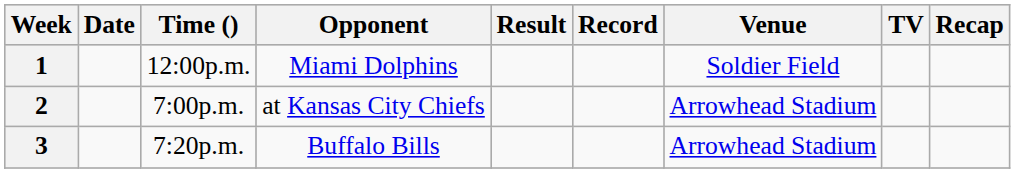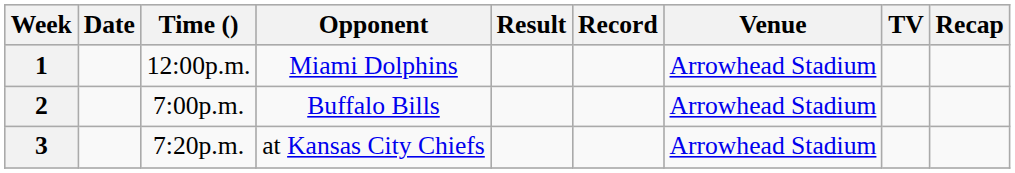 <table class="wikitable" style="text-align:center">
 <tr>
 <th>Week</th>
 <th>Date</th>
 <th>Time (<a href='#'></a>)</th>
 <th>Opponent</th>
 <th>Result</th>
 <th>Record</th>
 <th>Venue</th>
 <th>TV</th>
 <th>Recap</th>
 </tr>
 <tr>
 <th>1</th>
 <td></td>
 <td>12:00p.m.</td>
 <td><a href='#'>Miami Dolphins</a></td>
 <td></td>
 <td></td>
-<td><a href='#'>Soldier Field</a></td>
+<td><a href='#'>Arrowhead Stadium</a></td>
 <td></td>
 <td></td>
 </tr>
 <tr>
 <th>2</th>
 <td></td>
 <td>7:00p.m.</td>
-<td>at <a href='#'>Kansas City Chiefs</a></td>
+<td><a href='#'>Buffalo Bills</a></td>
 <td></td>
 <td></td>
 <td><a href='#'>Arrowhead Stadium</a></td>
 <td></td>
 <td></td>
 </tr>
 <tr>
 <th>3</th>
 <td></td>
 <td>7:20p.m.</td>
-<td><a href='#'>Buffalo Bills</a></td>
+<td>at <a href='#'>Kansas City Chiefs</a></td>
 <td></td>
 <td></td>
 <td><a href='#'>Arrowhead Stadium</a></td>
 <td></td>
 <td></td>
 </tr>
 </table>
